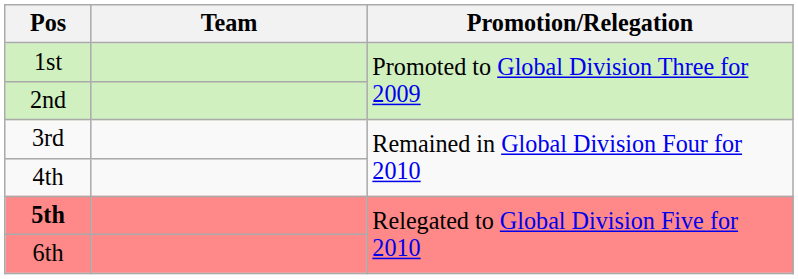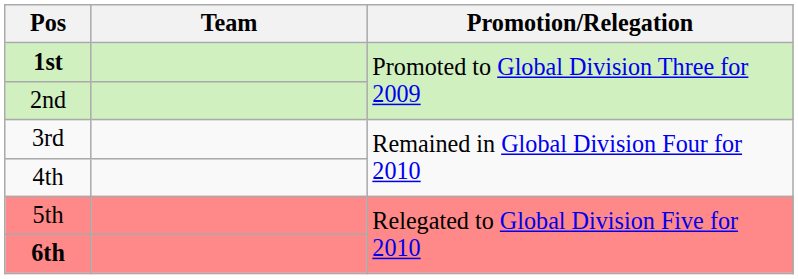 <table class="wikitable">
 <tr>
 <th width=50>Pos</th>
 <th width=175>Team</th>
 <th width=275>Promotion/Relegation</th>
 </tr>
 <tr style="background:#D0F0C0">
-<td align="center">1st</td>
+<td align="center"><strong>1st</strong></td>
 <td></td>
 <td rowspan=2>Promoted to <a href='#'>Global Division Three for 2009</a></td>
 </tr>
 <tr style="background:#D0F0C0">
 <td align="center">2nd</td>
 <td></td>
 </tr>
 <tr>
 <td align="center">3rd</td>
 <td></td>
 <td rowspan=2>Remained in <a href='#'>Global Division Four for 2010</a></td>
 </tr>
 <tr>
 <td align="center">4th</td>
 <td></td>
 </tr>
 <tr style="background:#FF8888">
-<td align="center"><strong>5th</strong></td>
+<td align="center">5th</td>
 <td></td>
 <td rowspan=2>Relegated to <a href='#'>Global Division Five for 2010</a></td>
 </tr>
 <tr style="background:#FF8888">
-<td align="center">6th</td>
+<td align="center"><strong>6th</strong></td>
 <td></td>
 </tr>
 </table>
